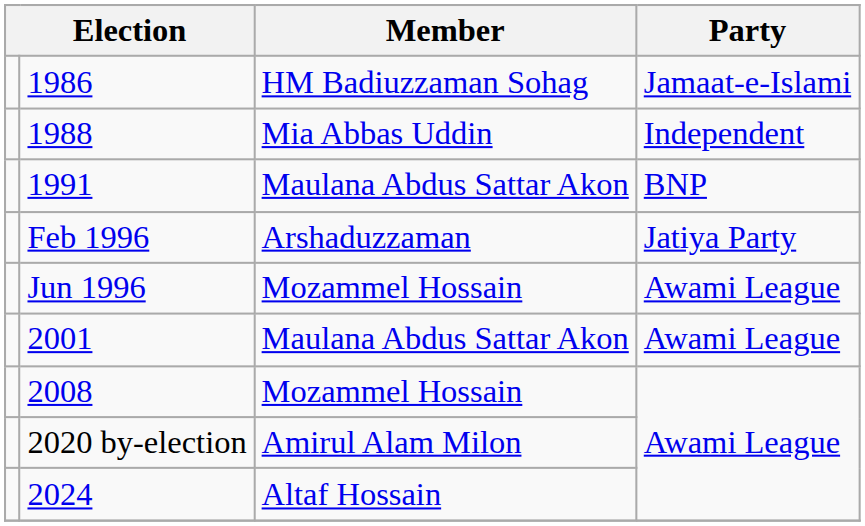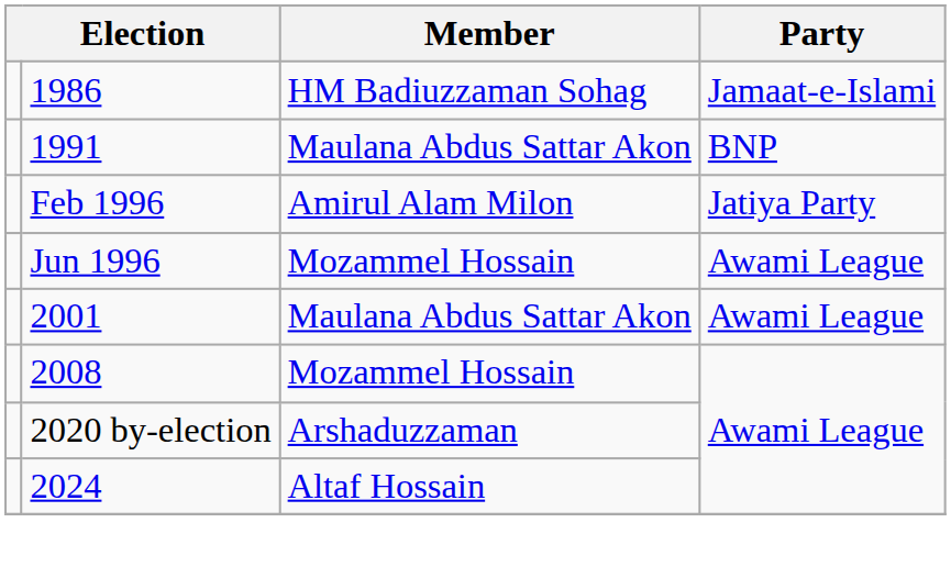 <table class="wikitable">
 <tr>
 <th colspan="2">Election</th>
 <th>Member</th>
 <th>Party</th>
 </tr>
 <tr>
 <td style="background-color:"></td>
 <td><a href='#'>1986</a></td>
 <td><a href='#'>HM Badiuzzaman Sohag</a></td>
 <td><a href='#'>Jamaat-e-Islami</a></td>
 </tr>
 <tr>
 <td style="background-color:"></td>
-<td><a href='#'>1988</a></td>
-<td><a href='#'>Mia Abbas Uddin</a></td>
-<td><a href='#'>Independent</a></td>
-</tr>
-<tr>
-<td style="background-color:"></td>
 <td><a href='#'>1991</a></td>
 <td><a href='#'>Maulana Abdus Sattar Akon</a></td>
 <td><a href='#'>BNP</a></td>
 </tr>
 <tr>
 <td style="background-color:"></td>
 <td><a href='#'>Feb 1996</a></td>
-<td><a href='#'>Arshaduzzaman</a></td>
+<td><a href='#'>Amirul Alam Milon</a></td>
 <td><a href='#'>Jatiya Party</a></td>
 </tr>
 <tr>
 <td style="background-color:"></td>
 <td><a href='#'>Jun 1996</a></td>
 <td><a href='#'>Mozammel Hossain</a></td>
 <td><a href='#'>Awami League</a></td>
 </tr>
 <tr>
 <td style="background-color:"></td>
 <td><a href='#'>2001</a></td>
 <td><a href='#'>Maulana Abdus Sattar Akon</a></td>
 <td><a href='#'>Awami League</a></td>
 </tr>
 <tr>
 <td style="background-color:"></td>
 <td><a href='#'>2008</a></td>
 <td><a href='#'>Mozammel Hossain</a></td>
 <td rowspan="3"><a href='#'>Awami League</a></td>
 </tr>
 <tr>
 <td style="background-color:"></td>
 <td>2020 by-election</td>
-<td><a href='#'>Amirul Alam Milon</a></td>
+<td><a href='#'>Arshaduzzaman</a></td>
 </tr>
 <tr>
 <td style="background-color:"></td>
 <td><a href='#'>2024</a></td>
 <td><a href='#'>Altaf Hossain</a></td>
 </tr>
 <tr>
 </tr>
 </table>
